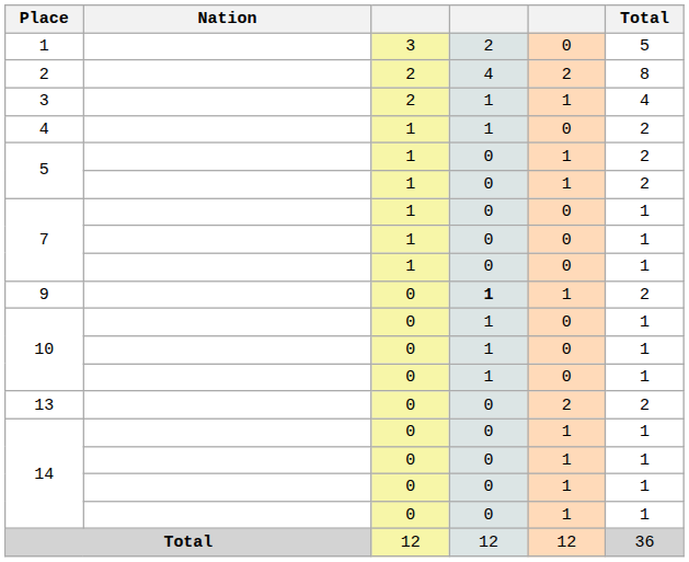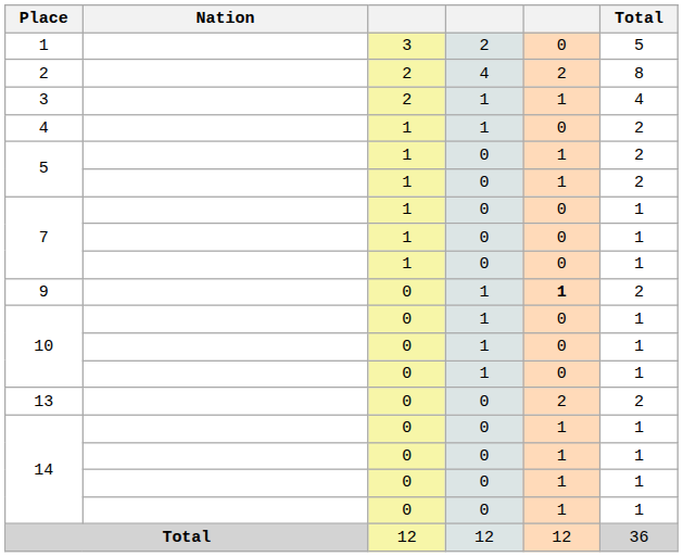 <table class=wikitable style="border:1px solid #AAAAAA;font-size:90%">
 <tr bgcolor="#EFEFEF">
 <th width=50>Place</th>
 <th width=200>Nation</th>
 <th width=50></th>
 <th width=50></th>
 <th width=50></th>
 <th width=50>Total</th>
 </tr>
 <tr align="center" valign="center" bgcolor="#FFFFFF">
 <td>1</td>
 <td align="left"></td>
 <td style="background:#F7F6A8;">3</td>
 <td style="background:#DCE5E5;">2</td>
 <td style="background:#FFDAB9;">0</td>
 <td>5</td>
 </tr>
 <tr align="center" valign="center" bgcolor="#FFFFFF">
 <td>2</td>
 <td align="left"></td>
 <td style="background:#F7F6A8;">2</td>
 <td style="background:#DCE5E5;">4</td>
 <td style="background:#FFDAB9;">2</td>
 <td>8</td>
 </tr>
 <tr align="center" valign="center" bgcolor="#FFFFFF">
 <td>3</td>
 <td align="left"></td>
 <td style="background:#F7F6A8;">2</td>
 <td style="background:#DCE5E5;">1</td>
 <td style="background:#FFDAB9;">1</td>
 <td>4</td>
 </tr>
 <tr align="center" valign="center" bgcolor="#FFFFFF">
 <td>4</td>
 <td align="left"></td>
 <td style="background:#F7F6A8;">1</td>
 <td style="background:#DCE5E5;">1</td>
 <td style="background:#FFDAB9;">0</td>
 <td>2</td>
 </tr>
 <tr align="center" valign="center" bgcolor="#FFFFFF">
 <td rowspan=2>5</td>
 <td align="left"></td>
 <td style="background:#F7F6A8;">1</td>
 <td style="background:#DCE5E5;">0</td>
 <td style="background:#FFDAB9;">1</td>
 <td>2</td>
 </tr>
 <tr align="center" valign="center" bgcolor="#FFFFFF">
 <td align="left"></td>
 <td style="background:#F7F6A8;">1</td>
 <td style="background:#DCE5E5;">0</td>
 <td style="background:#FFDAB9;">1</td>
 <td>2</td>
 </tr>
 <tr align="center" valign="center" bgcolor="#FFFFFF">
 <td rowspan=3>7</td>
 <td align="left"></td>
 <td style="background:#F7F6A8;">1</td>
 <td style="background:#DCE5E5;">0</td>
 <td style="background:#FFDAB9;">0</td>
 <td>1</td>
 </tr>
 <tr align="center" valign="center" bgcolor="#FFFFFF">
 <td align="left"></td>
 <td style="background:#F7F6A8;">1</td>
 <td style="background:#DCE5E5;">0</td>
 <td style="background:#FFDAB9;">0</td>
 <td>1</td>
 </tr>
 <tr align="center" valign="center" bgcolor="#FFFFFF">
 <td align="left"></td>
 <td style="background:#F7F6A8;">1</td>
 <td style="background:#DCE5E5;">0</td>
 <td style="background:#FFDAB9;">0</td>
 <td>1</td>
 </tr>
 <tr align="center" valign="center" bgcolor="#FFFFFF">
 <td>9</td>
 <td align="left"></td>
 <td style="background:#F7F6A8;">0</td>
-<td style="background:#DCE5E5;"><strong>1</strong></td>
-<td style="background:#FFDAB9;">1</td>
+<td style="background:#DCE5E5;">1</td>
+<td style="background:#FFDAB9;"><strong>1</strong></td>
 <td>2</td>
 </tr>
 <tr align="center" valign="center" bgcolor="#FFFFFF">
 <td rowspan=3>10</td>
 <td align="left"></td>
 <td style="background:#F7F6A8;">0</td>
 <td style="background:#DCE5E5;">1</td>
 <td style="background:#FFDAB9;">0</td>
 <td>1</td>
 </tr>
 <tr align="center" valign="center" bgcolor="#FFFFFF">
 <td align="left"></td>
 <td style="background:#F7F6A8;">0</td>
 <td style="background:#DCE5E5;">1</td>
 <td style="background:#FFDAB9;">0</td>
 <td>1</td>
 </tr>
 <tr align="center" valign="center" bgcolor="#FFFFFF">
 <td align="left"></td>
 <td style="background:#F7F6A8;">0</td>
 <td style="background:#DCE5E5;">1</td>
 <td style="background:#FFDAB9;">0</td>
 <td>1</td>
 </tr>
 <tr align="center" valign="center" bgcolor="#FFFFFF">
 <td>13</td>
 <td align="left"></td>
 <td style="background:#F7F6A8;">0</td>
 <td style="background:#DCE5E5;">0</td>
 <td style="background:#FFDAB9;">2</td>
 <td>2</td>
 </tr>
 <tr align="center" valign="center" bgcolor="#FFFFFF">
 <td rowspan=4>14</td>
 <td align="left"></td>
 <td style="background:#F7F6A8;">0</td>
 <td style="background:#DCE5E5;">0</td>
 <td style="background:#FFDAB9;">1</td>
 <td>1</td>
 </tr>
 <tr align="center" valign="center" bgcolor="#FFFFFF">
 <td align="left"></td>
 <td style="background:#F7F6A8;">0</td>
 <td style="background:#DCE5E5;">0</td>
 <td style="background:#FFDAB9;">1</td>
 <td>1</td>
 </tr>
 <tr align="center" valign="center" bgcolor="#FFFFFF">
 <td align="left"></td>
 <td style="background:#F7F6A8;">0</td>
 <td style="background:#DCE5E5;">0</td>
 <td style="background:#FFDAB9;">1</td>
 <td>1</td>
 </tr>
 <tr align="center" valign="center" bgcolor="#FFFFFF">
 <td align="left"></td>
 <td style="background:#F7F6A8;">0</td>
 <td style="background:#DCE5E5;">0</td>
 <td style="background:#FFDAB9;">1</td>
 <td>1</td>
 </tr>
 <tr align="center">
 <td colspan="2" bgcolor=D3D3D3><strong>Total</strong></td>
 <td style="background:#F7F6A8;">12</td>
 <td style="background:#DCE5E5;">12</td>
 <td style="background:#FFDAB9;">12</td>
 <td bgcolor=D3D3D3>36</td>
 </tr>
 </table>
